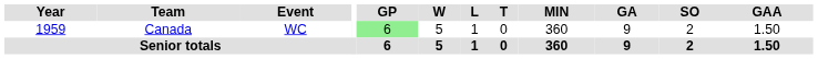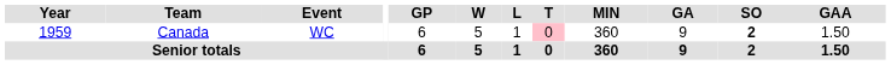 <table border="0" cellpadding="1" cellspacing="0" ID="Table3" style="text-align:center; width:60em">
 <tr ALIGN="center" bgcolor="#e0e0e0">
 <th>Year</th>
 <th>Team</th>
 <th>Event</th>
 <th rowspan="99" bgcolor="#ffffff"></th>
 <th>GP</th>
 <th>W</th>
 <th>L</th>
 <th>T</th>
 <th>MIN</th>
 <th>GA</th>
 <th>SO</th>
 <th>GAA</th>
 </tr>
 <tr>
 <td><a href='#'>1959</a></td>
 <td><a href='#'>Canada</a></td>
 <td><a href='#'>WC</a></td>
-<td style="background: lightgreen;">6</td>
+<td>6</td>
 <td>5</td>
 <td>1</td>
-<td>0</td>
+<td style="background: pink;">0</td>
 <td>360</td>
 <td>9</td>
-<td>2</td>
+<td><strong>2</strong></td>
 <td>1.50</td>
 </tr>
 <tr bgcolor="#e0e0e0">
 <th colspan=4>Senior totals</th>
 <th>6</th>
 <th>5</th>
 <th>1</th>
 <th>0</th>
 <th>360</th>
 <th>9</th>
 <th>2</th>
 <th>1.50</th>
 </tr>
 </table>
